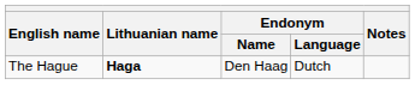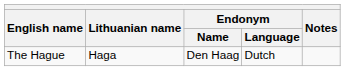 <table class="wikitable sortable">
 <tr>
 <th colspan="5"></th>
 </tr>
 <tr>
 <th rowspan="2">English name</th>
 <th rowspan="2">Lithuanian name</th>
 <th colspan="2">Endonym</th>
 <th rowspan="2">Notes</th>
 </tr>
 <tr>
 <th>Name</th>
 <th>Language</th>
 </tr>
 <tr>
 <td>The Hague</td>
-<td><strong>Haga</strong></td>
+<td>Haga</td>
 <td>Den Haag</td>
 <td>Dutch</td>
 <td></td>
 </tr>
 </table>
